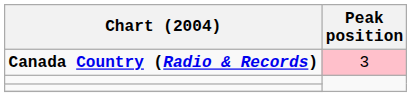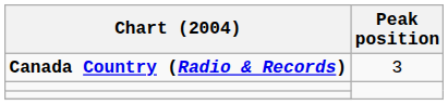 <table class="wikitable sortable">
 <tr>
 <th align="left">Chart (2004)</th>
 <th align="center">Peak<br>position</th>
 </tr>
 <tr>
 <td align="left"><strong>Canada <a href='#'>Country</a> (<em><a href='#'>Radio & Records</a></em>)</strong></td>
-<td align="center" style="background: pink;">3</td>
+<td align="center">3</td>
 </tr>
 <tr>
 <td></td>
 </tr>
 <tr>
 <td></td>
 </tr>
 <tr>
 </tr>
 </table>
